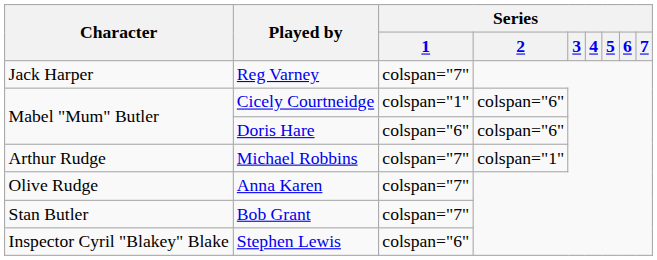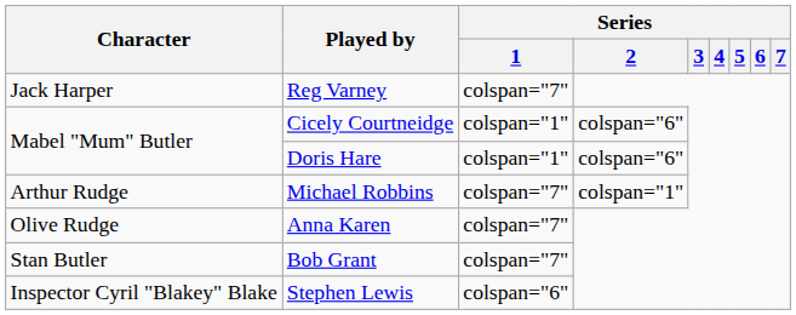 <table class="wikitable planrowheaders">
 <tr>
 <th rowspan="2">Character</th>
 <th rowspan="2">Played by</th>
 <th colspan="7">Series</th>
 </tr>
 <tr>
 <th><a href='#'>1</a></th>
 <th><a href='#'>2</a></th>
 <th><a href='#'>3</a></th>
 <th><a href='#'>4</a></th>
 <th><a href='#'>5</a></th>
 <th><a href='#'>6</a></th>
 <th><a href='#'>7</a></th>
 </tr>
 <tr>
 <td>Jack Harper</td>
 <td><a href='#'>Reg Varney</a></td>
 <td>colspan="7" </td>
 </tr>
 <tr>
 <td rowspan="2">Mabel "Mum" Butler</td>
 <td><a href='#'>Cicely Courtneidge</a></td>
 <td>colspan="1" </td>
 <td>colspan="6" </td>
 </tr>
 <tr>
 <td><a href='#'>Doris Hare</a></td>
-<td>colspan="6" </td>
+<td>colspan="1" </td>
 <td>colspan="6" </td>
 </tr>
 <tr>
 <td>Arthur Rudge</td>
 <td><a href='#'>Michael Robbins</a></td>
 <td>colspan="7" </td>
 <td>colspan="1" </td>
 </tr>
 <tr>
 <td>Olive Rudge</td>
 <td><a href='#'>Anna Karen</a></td>
 <td>colspan="7" </td>
 </tr>
 <tr>
 <td>Stan Butler</td>
 <td><a href='#'>Bob Grant</a></td>
 <td>colspan="7" </td>
 </tr>
 <tr>
 <td>Inspector Cyril "Blakey" Blake</td>
 <td><a href='#'>Stephen Lewis</a></td>
 <td>colspan="6" </td>
 </tr>
 </table>
